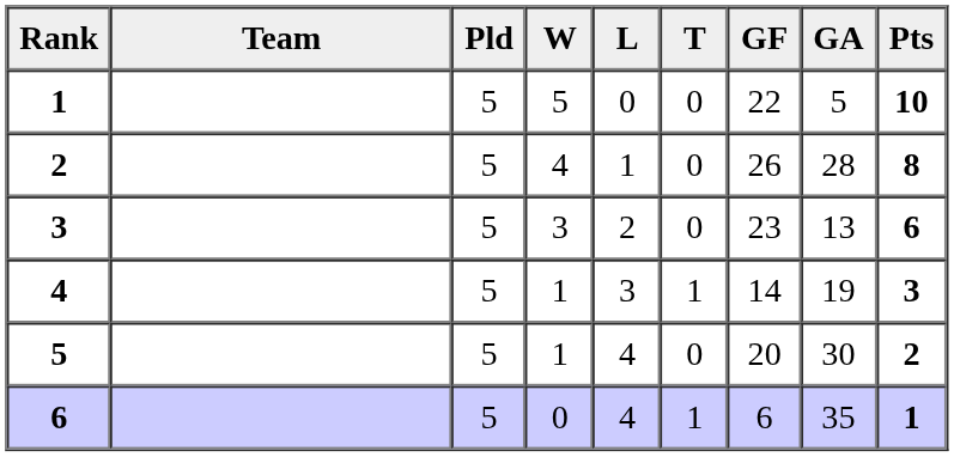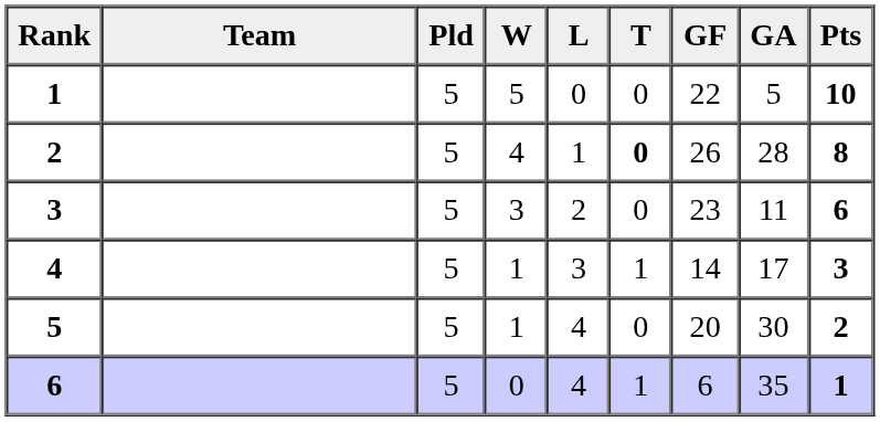 <table border=1 cellpadding=5 cellspacing=0>
 <tr>
 <th bgcolor="#efefef" width="20">Rank</th>
 <th bgcolor="#efefef" width="150">Team</th>
 <th bgcolor="#efefef" width="20">Pld</th>
 <th bgcolor="#efefef" width="20">W</th>
 <th bgcolor="#efefef" width="20">L</th>
 <th bgcolor="#efefef" width="20">T</th>
 <th bgcolor="#efefef" width="20">GF</th>
 <th bgcolor="#efefef" width="20">GA</th>
 <th bgcolor="#efefef" width="20">Pts</th>
 </tr>
 <tr align=center>
 <td><strong>1</strong></td>
 <td align=left></td>
 <td>5</td>
 <td>5</td>
 <td>0</td>
 <td>0</td>
 <td>22</td>
 <td>5</td>
 <td><strong>10</strong></td>
 </tr>
 <tr align=center>
 <td><strong>2</strong></td>
 <td align=left></td>
 <td>5</td>
 <td>4</td>
 <td>1</td>
-<td>0</td>
+<td><strong>0</strong></td>
 <td>26</td>
 <td>28</td>
 <td><strong>8</strong></td>
 </tr>
 <tr align=center>
 <td><strong>3</strong></td>
 <td align=left></td>
 <td>5</td>
 <td>3</td>
 <td>2</td>
 <td>0</td>
 <td>23</td>
-<td>13</td>
+<td>11</td>
 <td><strong>6</strong></td>
 </tr>
 <tr align=center>
 <td><strong>4</strong></td>
 <td align=left></td>
 <td>5</td>
 <td>1</td>
 <td>3</td>
 <td>1</td>
 <td>14</td>
-<td>19</td>
+<td>17</td>
 <td><strong>3</strong></td>
 </tr>
 <tr align=center>
 <td><strong>5</strong></td>
 <td align=left></td>
 <td>5</td>
 <td>1</td>
 <td>4</td>
 <td>0</td>
 <td>20</td>
 <td>30</td>
 <td><strong>2</strong></td>
 </tr>
 <tr align=center bgcolor="ccccff">
 <td><strong>6</strong></td>
 <td align=left></td>
 <td>5</td>
 <td>0</td>
 <td>4</td>
 <td>1</td>
 <td>6</td>
 <td>35</td>
 <td><strong>1</strong></td>
 </tr>
 </table>
